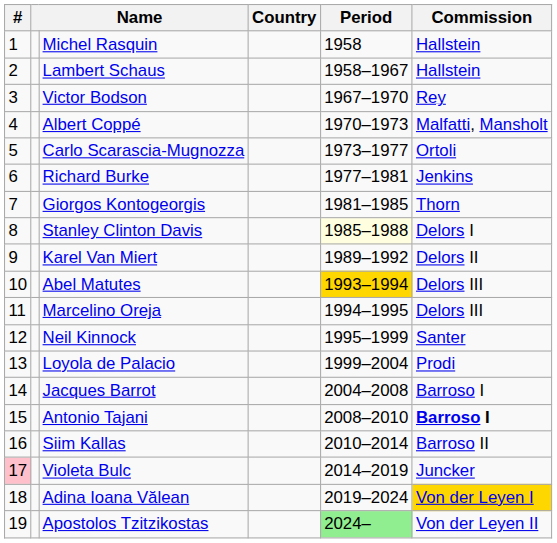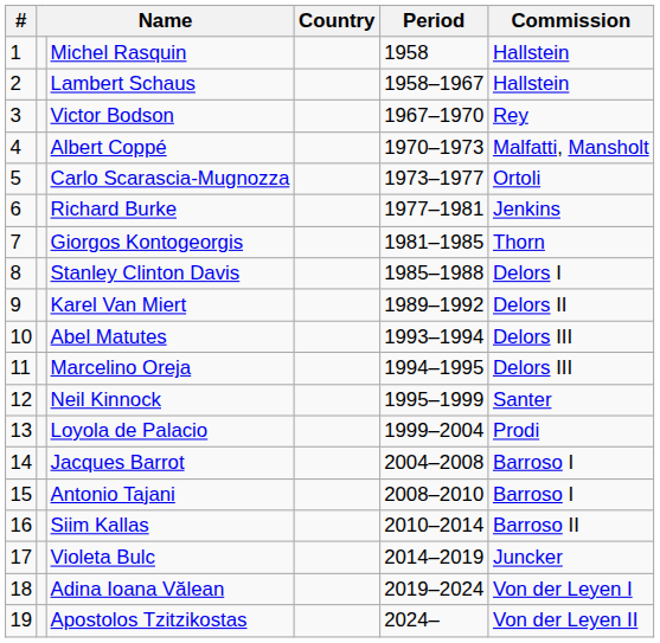 <table class="wikitable">
 <tr>
 <th>#</th>
 <th colspan=2>Name</th>
 <th>Country</th>
 <th>Period</th>
 <th>Commission</th>
 </tr>
 <tr>
 <td>1</td>
 <td></td>
 <td><a href='#'>Michel Rasquin</a></td>
 <td></td>
 <td>1958</td>
 <td><a href='#'>Hallstein</a></td>
 </tr>
 <tr>
 <td>2</td>
 <td></td>
 <td><a href='#'>Lambert Schaus</a></td>
 <td></td>
 <td>1958–1967</td>
 <td><a href='#'>Hallstein</a></td>
 </tr>
 <tr>
 <td>3</td>
 <td></td>
 <td><a href='#'>Victor Bodson</a></td>
 <td></td>
 <td>1967–1970</td>
 <td><a href='#'>Rey</a></td>
 </tr>
 <tr>
 <td>4</td>
 <td></td>
 <td><a href='#'>Albert Coppé</a></td>
 <td></td>
 <td>1970–1973</td>
 <td><a href='#'>Malfatti</a>, <a href='#'>Mansholt</a></td>
 </tr>
 <tr>
 <td>5</td>
 <td></td>
 <td><a href='#'>Carlo Scarascia-Mugnozza</a></td>
 <td></td>
 <td>1973–1977</td>
 <td><a href='#'>Ortoli</a></td>
 </tr>
 <tr>
 <td>6</td>
 <td></td>
 <td><a href='#'>Richard Burke</a></td>
 <td></td>
 <td>1977–1981</td>
 <td><a href='#'>Jenkins</a></td>
 </tr>
 <tr>
 <td>7</td>
 <td></td>
 <td><a href='#'>Giorgos Kontogeorgis</a></td>
 <td></td>
 <td>1981–1985</td>
 <td><a href='#'>Thorn</a></td>
 </tr>
 <tr>
 <td>8</td>
 <td></td>
 <td><a href='#'>Stanley Clinton Davis</a></td>
 <td></td>
-<td style="background: lightyellow;">1985–1988</td>
+<td>1985–1988</td>
 <td><a href='#'>Delors</a> I</td>
 </tr>
 <tr>
 <td>9</td>
 <td></td>
 <td><a href='#'>Karel Van Miert</a></td>
 <td></td>
 <td>1989–1992</td>
 <td><a href='#'>Delors</a> II</td>
 </tr>
 <tr>
 <td>10</td>
 <td></td>
 <td><a href='#'>Abel Matutes</a></td>
 <td></td>
-<td style="background: gold;">1993–1994</td>
+<td>1993–1994</td>
 <td><a href='#'>Delors</a> III</td>
 </tr>
 <tr>
 <td>11</td>
 <td></td>
 <td><a href='#'>Marcelino Oreja</a></td>
 <td></td>
 <td>1994–1995</td>
 <td><a href='#'>Delors</a> III</td>
 </tr>
 <tr>
 <td>12</td>
 <td></td>
 <td><a href='#'>Neil Kinnock</a></td>
 <td></td>
 <td>1995–1999</td>
 <td><a href='#'>Santer</a></td>
 </tr>
 <tr>
 <td>13</td>
 <td></td>
 <td><a href='#'>Loyola de Palacio</a></td>
 <td></td>
 <td>1999–2004</td>
 <td><a href='#'>Prodi</a></td>
 </tr>
 <tr>
 <td>14</td>
 <td></td>
 <td><a href='#'>Jacques Barrot</a></td>
 <td></td>
 <td>2004–2008</td>
 <td><a href='#'>Barroso</a> I</td>
 </tr>
 <tr>
 <td>15</td>
 <td></td>
 <td><a href='#'>Antonio Tajani</a></td>
 <td></td>
 <td>2008–2010</td>
-<td><strong><a href='#'>Barroso</a> I</strong></td>
+<td><a href='#'>Barroso</a> I</td>
 </tr>
 <tr>
 <td>16</td>
 <td></td>
 <td><a href='#'>Siim Kallas</a></td>
 <td></td>
 <td>2010–2014</td>
 <td><a href='#'>Barroso</a> II</td>
 </tr>
 <tr>
-<td style="background: pink;">17</td>
+<td>17</td>
 <td></td>
 <td><a href='#'>Violeta Bulc</a></td>
 <td></td>
 <td>2014–2019</td>
 <td><a href='#'>Juncker</a></td>
 </tr>
 <tr>
 <td>18</td>
 <td></td>
 <td><a href='#'>Adina Ioana Vălean</a></td>
 <td></td>
 <td>2019–2024</td>
-<td style="background: gold;"><a href='#'>Von der Leyen I</a></td>
+<td><a href='#'>Von der Leyen I</a></td>
 </tr>
 <tr>
 <td>19</td>
 <td></td>
 <td><a href='#'>Apostolos Tzitzikostas</a></td>
 <td></td>
-<td style="background: lightgreen;">2024–</td>
+<td>2024–</td>
 <td><a href='#'>Von der Leyen II</a></td>
 </tr>
 </table>
